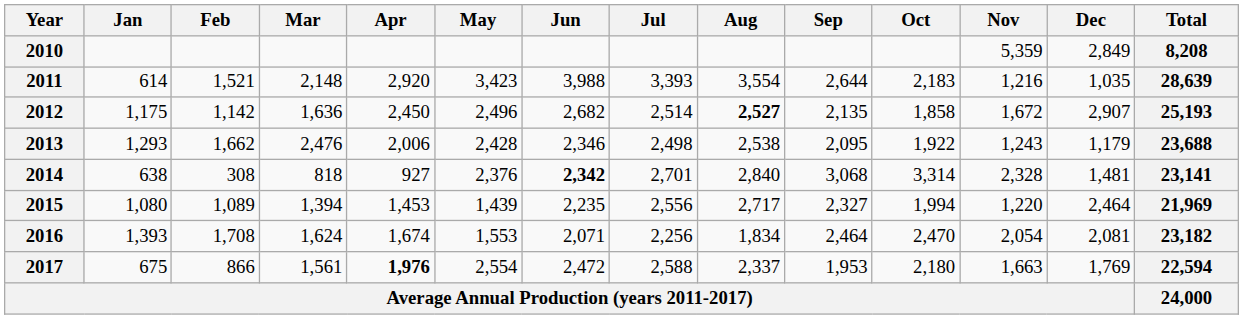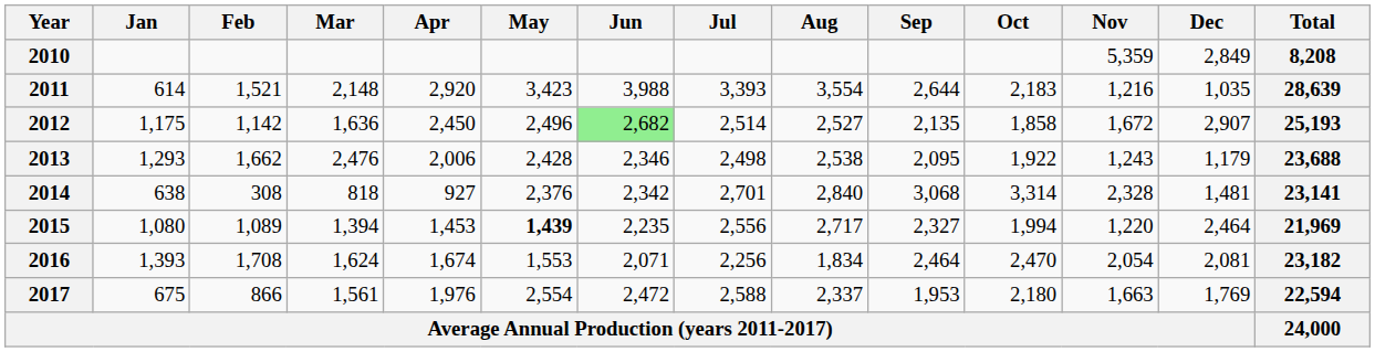 <table class=wikitable style="text-align:right; font-size:0.9em; width:950px;">
 <tr>
 <th>Year</th>
 <th>Jan</th>
 <th>Feb</th>
 <th>Mar</th>
 <th>Apr</th>
 <th>May</th>
 <th>Jun</th>
 <th>Jul</th>
 <th>Aug</th>
 <th>Sep</th>
 <th>Oct</th>
 <th>Nov</th>
 <th>Dec</th>
 <th>Total</th>
 </tr>
 <tr>
 <th>2010</th>
 <td></td>
 <td></td>
 <td></td>
 <td></td>
 <td></td>
 <td></td>
 <td></td>
 <td></td>
 <td></td>
 <td></td>
 <td>5,359</td>
 <td>2,849</td>
 <th>8,208</th>
 </tr>
 <tr>
 <th>2011</th>
 <td>614</td>
 <td>1,521</td>
 <td>2,148</td>
 <td>2,920</td>
 <td>3,423</td>
 <td>3,988</td>
 <td>3,393</td>
 <td>3,554</td>
 <td>2,644</td>
 <td>2,183</td>
 <td>1,216</td>
 <td>1,035</td>
 <th>28,639</th>
 </tr>
 <tr>
 <th>2012</th>
 <td>1,175</td>
 <td>1,142</td>
 <td>1,636</td>
 <td>2,450</td>
 <td>2,496</td>
-<td>2,682</td>
+<td style="background: lightgreen;">2,682</td>
 <td>2,514</td>
-<td><strong>2,527</strong></td>
+<td>2,527</td>
 <td>2,135</td>
 <td>1,858</td>
 <td>1,672</td>
 <td>2,907</td>
 <th>25,193</th>
 </tr>
 <tr>
 <th>2013</th>
 <td>1,293</td>
 <td>1,662</td>
 <td>2,476</td>
 <td>2,006</td>
 <td>2,428</td>
 <td>2,346</td>
 <td>2,498</td>
 <td>2,538</td>
 <td>2,095</td>
 <td>1,922</td>
 <td>1,243</td>
 <td>1,179</td>
 <th>23,688</th>
 </tr>
 <tr>
 <th>2014</th>
 <td>638</td>
 <td>308</td>
 <td>818</td>
 <td>927</td>
 <td>2,376</td>
-<td><strong>2,342</strong></td>
+<td>2,342</td>
 <td>2,701</td>
 <td>2,840</td>
 <td>3,068</td>
 <td>3,314</td>
 <td>2,328</td>
 <td>1,481</td>
 <th>23,141</th>
 </tr>
 <tr>
 <th>2015</th>
 <td>1,080</td>
 <td>1,089</td>
 <td>1,394</td>
 <td>1,453</td>
-<td>1,439</td>
+<td><strong>1,439</strong></td>
 <td>2,235</td>
 <td>2,556</td>
 <td>2,717</td>
 <td>2,327</td>
 <td>1,994</td>
 <td>1,220</td>
 <td>2,464</td>
 <th>21,969</th>
 </tr>
 <tr>
 <th>2016</th>
 <td>1,393</td>
 <td>1,708</td>
 <td>1,624</td>
 <td>1,674</td>
 <td>1,553</td>
 <td>2,071</td>
 <td>2,256</td>
 <td>1,834</td>
 <td>2,464</td>
 <td>2,470</td>
 <td>2,054</td>
 <td>2,081</td>
 <th>23,182</th>
 </tr>
 <tr>
 <th>2017</th>
 <td>675</td>
 <td>866</td>
 <td>1,561</td>
-<td><strong>1,976</strong></td>
+<td>1,976</td>
 <td>2,554</td>
 <td>2,472</td>
 <td>2,588</td>
 <td>2,337</td>
 <td>1,953</td>
 <td>2,180</td>
 <td>1,663</td>
 <td>1,769</td>
 <th>22,594</th>
 </tr>
 <tr>
 <th colspan=13>Average Annual Production (years 2011-2017)</th>
 <th>24,000</th>
 </tr>
 </table>
